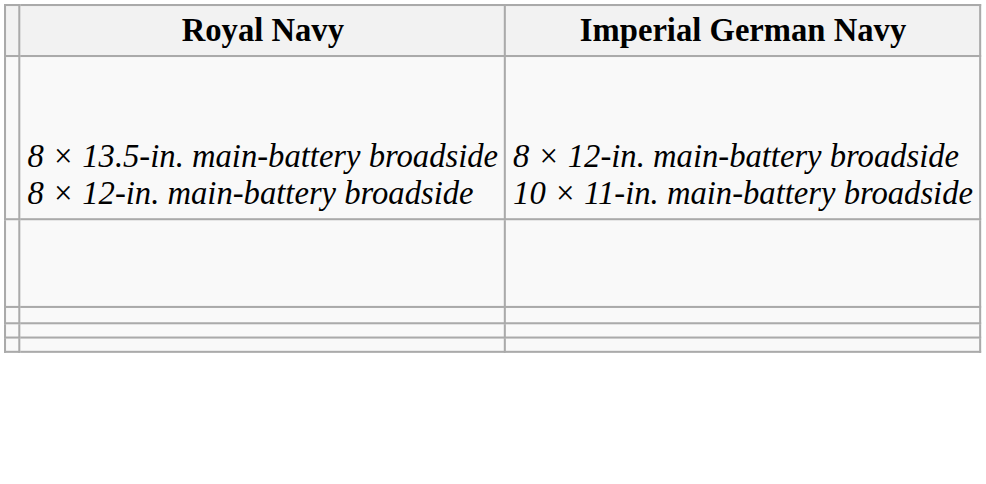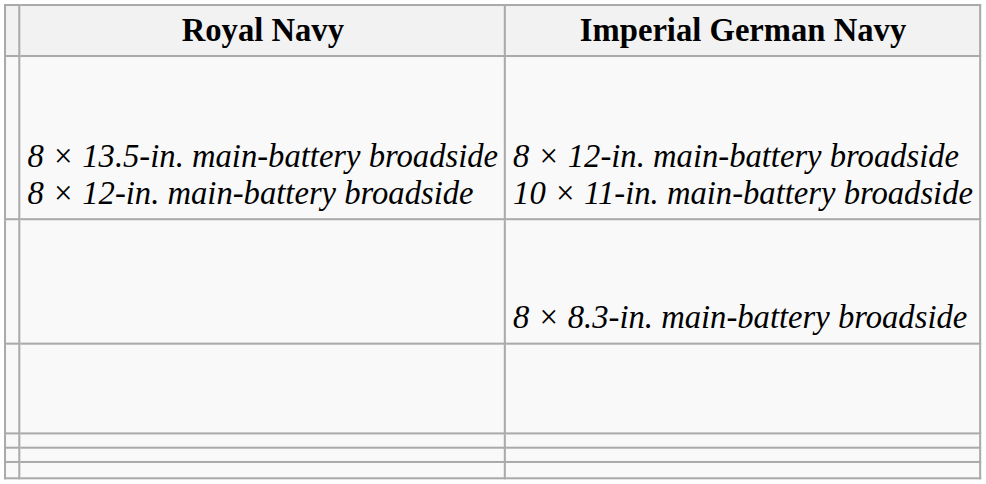 <table class="wikitable">
 <tr>
 <th align="centre"></th>
 <th align="centre">Royal Navy</th>
 <th align="centre">Imperial German Navy</th>
 </tr>
 <tr>
 <td></td>
 <td><br><br><em>8 × 13.5-in. main-battery broadside</em><br> <em>8 × 12-in. main-battery broadside</em></td>
 <td><br><br><em>8 × 12-in. main-battery broadside</em><br> <em>10 × 11-in. main-battery broadside</em></td>
+</tr>
+<tr>
+<td></td>
+<td></td>
+<td><br><br><em>8 × 8.3-in. main-battery broadside</em></td>
 </tr>
 <tr>
 <td></td>
 <td><br><br></td>
 <td><br><br></td>
 </tr>
 <tr>
 <td></td>
 <td></td>
 <td></td>
 </tr>
 <tr>
 <td></td>
 <td></td>
 <td></td>
 </tr>
 <tr>
 <td></td>
 <td></td>
 <td></td>
 </tr>
 </table>
